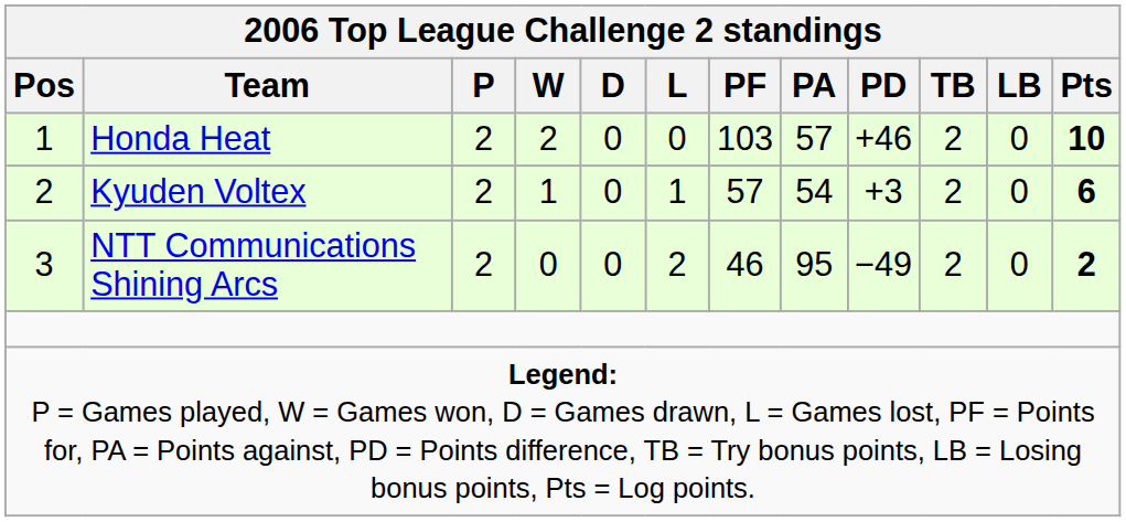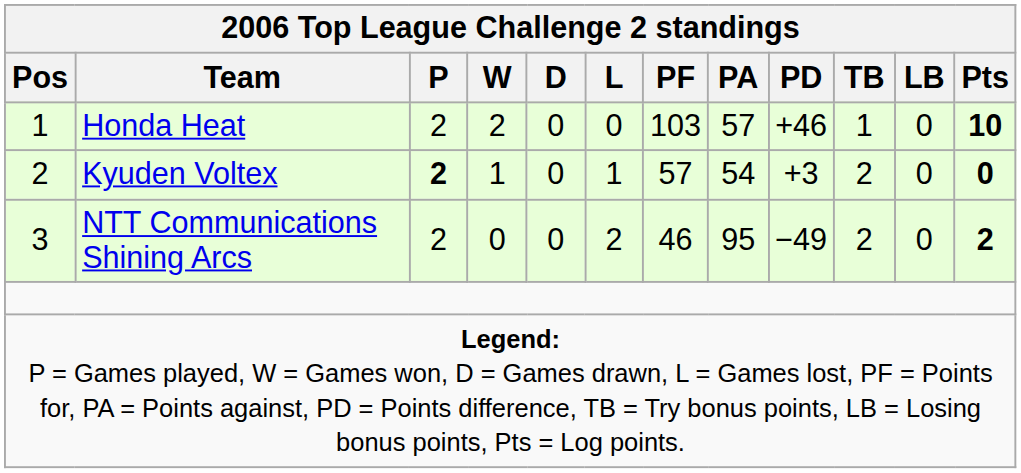 <table class="wikitable" style="text-align:center; font-size:100%; width:60%;">
 <tr>
 <th colspan="100%" cellpadding="0" cellspacing="0"><strong>2006 Top League Challenge 2 standings</strong></th>
 </tr>
 <tr>
 <th style="width:6%;">Pos</th>
 <th style="width:34%;">Team</th>
 <th style="width:6%;">P</th>
 <th style="width:6%;">W</th>
 <th style="width:6%;">D</th>
 <th style="width:6%;">L</th>
 <th style="width:6%;">PF</th>
 <th style="width:6%;">PA</th>
 <th style="width:6%;">PD</th>
 <th style="width:6%;">TB</th>
 <th style="width:6%;">LB</th>
 <th style="width:6%;">Pts<br></th>
 </tr>
 <tr style="background:#E8FFD8;">
 <td>1</td>
 <td style="text-align:left;"><a href='#'>Honda Heat</a></td>
 <td>2</td>
 <td>2</td>
 <td>0</td>
 <td>0</td>
 <td>103</td>
 <td>57</td>
 <td>+46</td>
-<td>2</td>
+<td>1</td>
 <td>0</td>
 <td><strong>10</strong></td>
 </tr>
 <tr style="background:#E8FFD8;">
 <td>2</td>
 <td style="text-align:left;"><a href='#'>Kyuden Voltex</a></td>
-<td>2</td>
+<td><strong>2</strong></td>
 <td>1</td>
 <td>0</td>
 <td>1</td>
 <td>57</td>
 <td>54</td>
 <td>+3</td>
 <td>2</td>
 <td>0</td>
-<td><strong>6</strong></td>
+<td><strong>0</strong></td>
 </tr>
 <tr style="background:#E8FFD8;">
 <td>3</td>
 <td style="text-align:left;"><a href='#'>NTT Communications Shining Arcs</a></td>
 <td>2</td>
 <td>0</td>
 <td>0</td>
 <td>2</td>
 <td>46</td>
 <td>95</td>
 <td>−49</td>
 <td>2</td>
 <td>0</td>
 <td><strong>2</strong></td>
 </tr>
 <tr>
 <td colspan="100%" style="height:10px;"></td>
 </tr>
 <tr>
 <td colspan="100%"><small><strong>Legend:</strong> <br> P = Games played, W = Games won, D = Games drawn, L = Games lost, PF = Points for, PA = Points against, PD = Points difference, TB = Try bonus points, LB = Losing bonus points, Pts = Log points.</small></td>
 </tr>
 </table>
